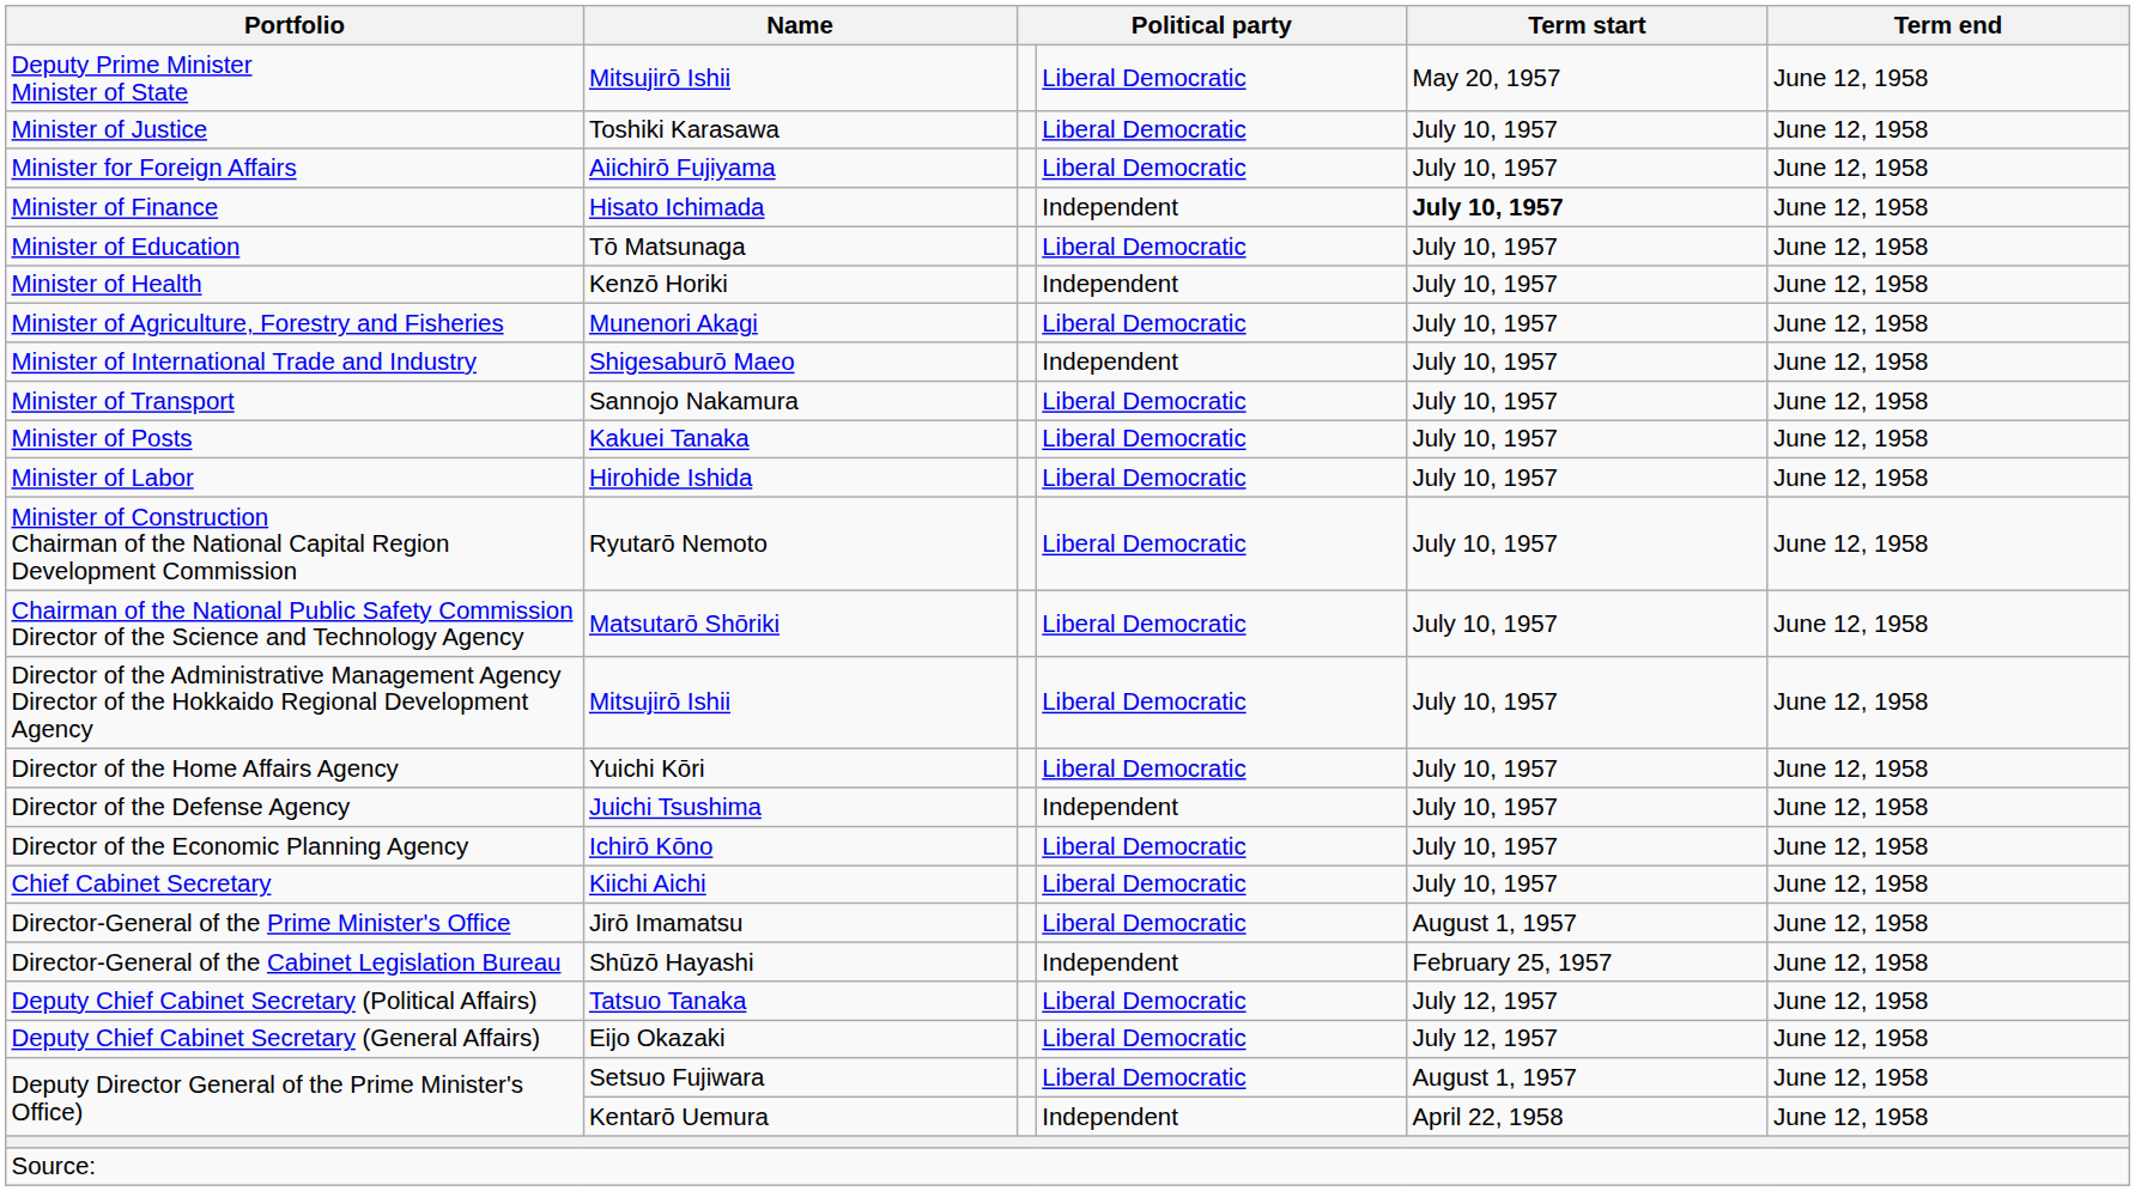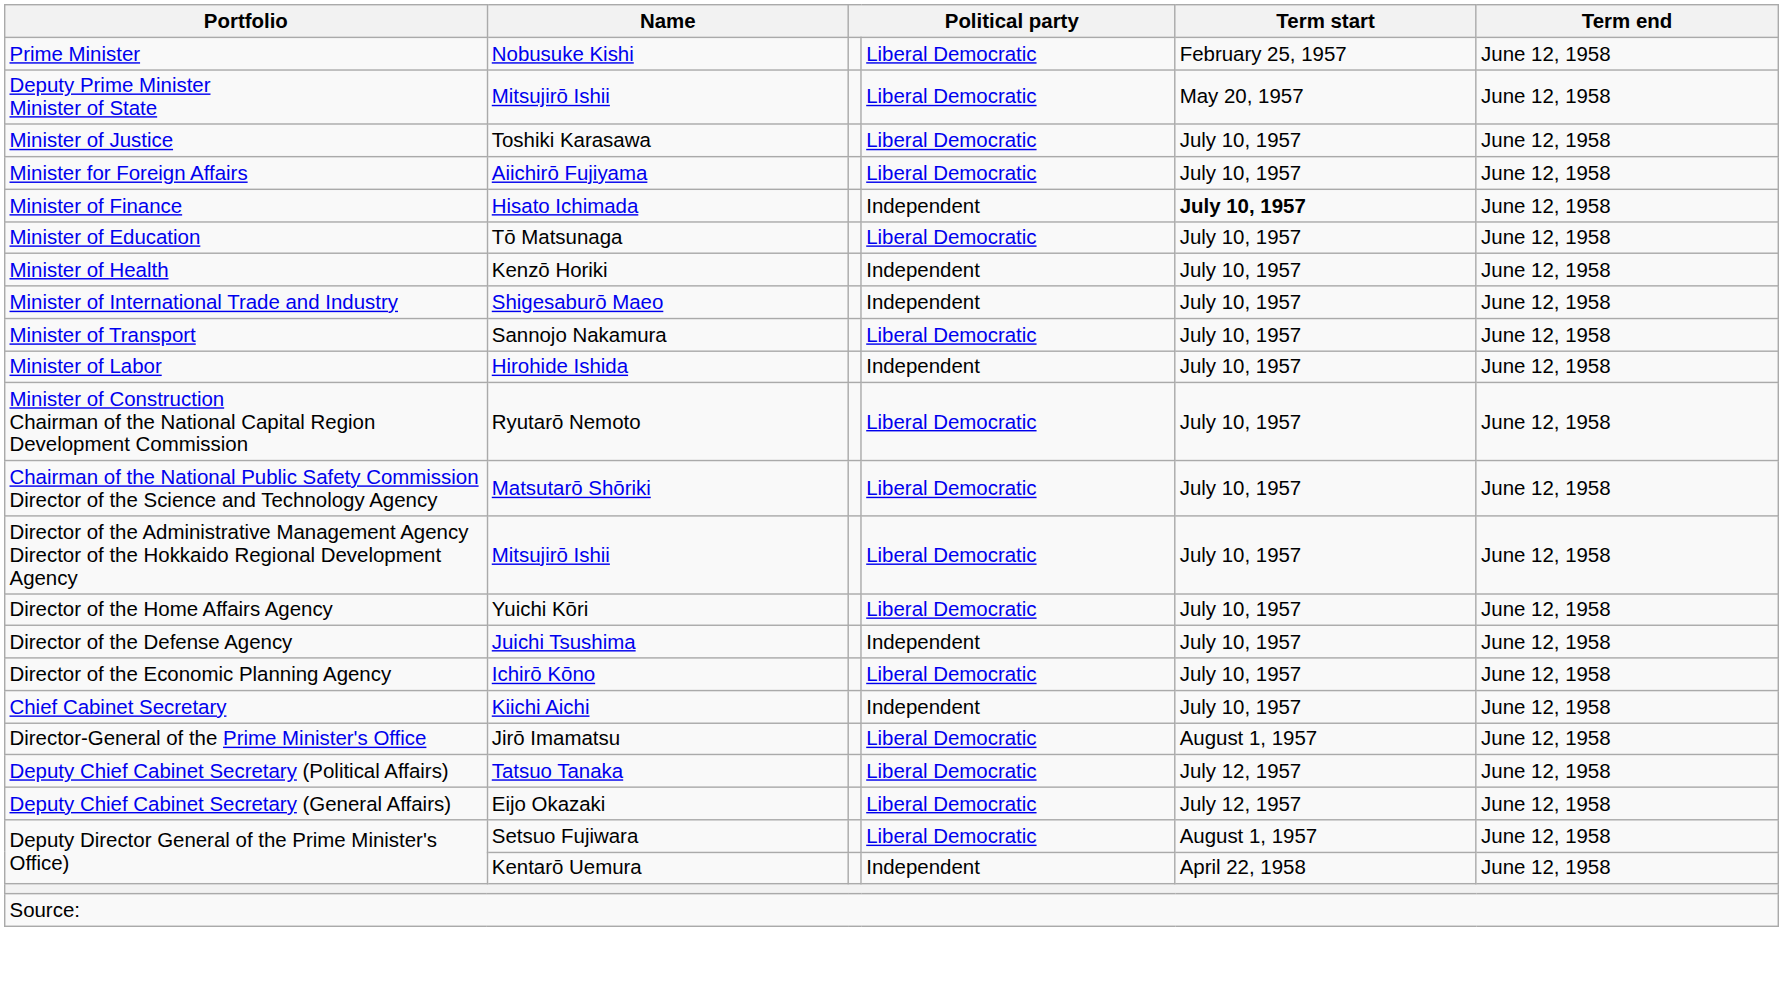 <table class="wikitable" style="font-size: 90%;">
 <tr>
 <th scope="col" width="20%">Portfolio</th>
 <th scope="col" width="15%">Name</th>
 <th colspan="2" scope="col" width="13.5%">Political party</th>
 <th scope="col" width="12.5%">Term start</th>
 <th scope="col" width="12.5%">Term end</th>
+</tr>
+<tr>
+<td><a href='#'>Prime Minister</a></td>
+<td><a href='#'>Nobusuke Kishi</a></td>
+<td width="0.5%" style="background:"></td>
+<td><a href='#'>Liberal Democratic</a></td>
+<td>February 25, 1957</td>
+<td>June 12, 1958</td>
 </tr>
 <tr>
 <td><a href='#'>Deputy Prime Minister</a><br><a href='#'>Minister of State</a></td>
 <td><a href='#'>Mitsujirō Ishii</a></td>
 <td style="color:inherit;background:"></td>
 <td><a href='#'>Liberal Democratic</a></td>
 <td>May 20, 1957</td>
 <td>June 12, 1958</td>
 </tr>
 <tr>
 <td><a href='#'>Minister of Justice</a></td>
 <td>Toshiki Karasawa</td>
 <td style="color:inherit;background:"></td>
 <td><a href='#'>Liberal Democratic</a></td>
 <td>July 10, 1957</td>
 <td>June 12, 1958</td>
 </tr>
 <tr>
 <td><a href='#'>Minister for Foreign Affairs</a></td>
 <td><a href='#'>Aiichirō Fujiyama</a></td>
 <td style="color:inherit;background:"></td>
 <td><a href='#'>Liberal Democratic</a></td>
 <td>July 10, 1957</td>
 <td>June 12, 1958</td>
 </tr>
 <tr>
 <td><a href='#'>Minister of Finance</a></td>
 <td><a href='#'>Hisato Ichimada</a></td>
 <td style="color:inherit;background:"></td>
 <td>Independent</td>
 <td><strong>July 10, 1957</strong></td>
 <td>June 12, 1958</td>
 </tr>
 <tr>
 <td><a href='#'>Minister of Education</a></td>
 <td>Tō Matsunaga</td>
 <td style="color:inherit;background:"></td>
 <td><a href='#'>Liberal Democratic</a></td>
 <td>July 10, 1957</td>
 <td>June 12, 1958</td>
 </tr>
 <tr>
 <td><a href='#'>Minister of Health</a></td>
 <td>Kenzō Horiki</td>
 <td style="color:inherit;background:"></td>
 <td>Independent</td>
 <td>July 10, 1957</td>
 <td>June 12, 1958</td>
 </tr>
 <tr>
-<td><a href='#'>Minister of Agriculture, Forestry and Fisheries</a></td>
-<td><a href='#'>Munenori Akagi</a></td>
-<td style="color:inherit;background:"></td>
-<td><a href='#'>Liberal Democratic</a></td>
-<td>July 10, 1957</td>
-<td>June 12, 1958</td>
-</tr>
-<tr>
 <td><a href='#'>Minister of International Trade and Industry</a></td>
 <td><a href='#'>Shigesaburō Maeo</a></td>
 <td style="color:inherit;background:"></td>
 <td>Independent</td>
 <td>July 10, 1957</td>
 <td>June 12, 1958</td>
 </tr>
 <tr>
 <td><a href='#'>Minister of Transport</a></td>
 <td>Sannojo Nakamura</td>
 <td style="color:inherit;background:"></td>
 <td><a href='#'>Liberal Democratic</a></td>
 <td>July 10, 1957</td>
 <td>June 12, 1958</td>
 </tr>
 <tr>
-<td><a href='#'>Minister of Posts</a></td>
-<td><a href='#'>Kakuei Tanaka</a></td>
-<td style="color:inherit;background:"></td>
-<td><a href='#'>Liberal Democratic</a></td>
-<td>July 10, 1957</td>
-<td>June 12, 1958</td>
-</tr>
-<tr>
 <td><a href='#'>Minister of Labor</a></td>
 <td><a href='#'>Hirohide Ishida</a></td>
 <td style="color:inherit;background:"></td>
-<td><a href='#'>Liberal Democratic</a></td>
+<td>Independent</td>
 <td>July 10, 1957</td>
 <td>June 12, 1958</td>
 </tr>
 <tr>
 <td><a href='#'>Minister of Construction</a><br>Chairman of the National Capital Region Development Commission</td>
 <td>Ryutarō Nemoto</td>
 <td style="color:inherit;background:"></td>
 <td><a href='#'>Liberal Democratic</a></td>
 <td>July 10, 1957</td>
 <td>June 12, 1958</td>
 </tr>
 <tr>
 <td><a href='#'>Chairman of the National Public Safety Commission</a><br>Director of the Science and Technology Agency</td>
 <td><a href='#'>Matsutarō Shōriki</a></td>
 <td style="color:inherit;background:"></td>
 <td><a href='#'>Liberal Democratic</a></td>
 <td>July 10, 1957</td>
 <td>June 12, 1958</td>
 </tr>
 <tr>
 <td>Director of the Administrative Management Agency<br>Director of the Hokkaido Regional Development Agency</td>
 <td><a href='#'>Mitsujirō Ishii</a></td>
 <td style="color:inherit;background:"></td>
 <td><a href='#'>Liberal Democratic</a></td>
 <td>July 10, 1957</td>
 <td>June 12, 1958</td>
 </tr>
 <tr>
 <td>Director of the Home Affairs Agency</td>
 <td>Yuichi Kōri</td>
 <td style="color:inherit;background:"></td>
 <td><a href='#'>Liberal Democratic</a></td>
 <td>July 10, 1957</td>
 <td>June 12, 1958</td>
 </tr>
 <tr>
 <td>Director of the Defense Agency</td>
 <td><a href='#'>Juichi Tsushima</a></td>
 <td style="color:inherit;background:"></td>
 <td>Independent</td>
 <td>July 10, 1957</td>
 <td>June 12, 1958</td>
 </tr>
 <tr>
 <td>Director of the Economic Planning Agency</td>
 <td><a href='#'>Ichirō Kōno</a></td>
 <td style="color:inherit;background:"></td>
 <td><a href='#'>Liberal Democratic</a></td>
 <td>July 10, 1957</td>
 <td>June 12, 1958</td>
 </tr>
 <tr>
 <td><a href='#'>Chief Cabinet Secretary</a></td>
 <td><a href='#'>Kiichi Aichi</a></td>
 <td style="color:inherit;background:"></td>
-<td><a href='#'>Liberal Democratic</a></td>
+<td>Independent</td>
 <td>July 10, 1957</td>
 <td>June 12, 1958</td>
 </tr>
 <tr>
 <td>Director-General of the <a href='#'>Prime Minister's Office</a></td>
 <td>Jirō Imamatsu</td>
 <td style="color:inherit;background:"></td>
 <td><a href='#'>Liberal Democratic</a></td>
 <td>August 1, 1957</td>
-<td>June 12, 1958</td>
-</tr>
-<tr>
-<td>Director-General of the <a href='#'>Cabinet Legislation Bureau</a></td>
-<td>Shūzō Hayashi</td>
-<td style="color:inherit;background:"></td>
-<td>Independent</td>
-<td>February 25, 1957</td>
 <td>June 12, 1958</td>
 </tr>
 <tr>
 <td><a href='#'>Deputy Chief Cabinet Secretary</a> (Political Affairs)</td>
 <td><a href='#'>Tatsuo Tanaka</a></td>
 <td style="color:inherit;background:"></td>
 <td><a href='#'>Liberal Democratic</a></td>
 <td>July 12, 1957</td>
 <td>June 12, 1958</td>
 </tr>
 <tr>
 <td><a href='#'>Deputy Chief Cabinet Secretary</a> (General Affairs)</td>
 <td>Eijo Okazaki</td>
 <td style="color:inherit;background:"></td>
 <td><a href='#'>Liberal Democratic</a></td>
 <td>July 12, 1957</td>
 <td>June 12, 1958</td>
 </tr>
 <tr>
 <td rowspan="2">Deputy Director General of the Prime Minister's Office)</td>
 <td>Setsuo Fujiwara</td>
 <td style="color:inherit;background:"></td>
 <td><a href='#'>Liberal Democratic</a></td>
 <td>August 1, 1957</td>
 <td>June 12, 1958</td>
 </tr>
 <tr>
 <td>Kentarō Uemura</td>
 <td style="color:inherit;background:"></td>
 <td>Independent</td>
 <td>April 22, 1958</td>
 <td>June 12, 1958</td>
 </tr>
 <tr>
 <th colspan="6"></th>
 </tr>
 <tr>
 <td colspan="6">Source:</td>
 </tr>
 </table>
